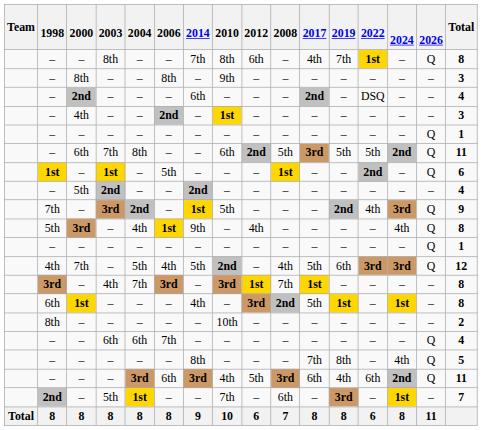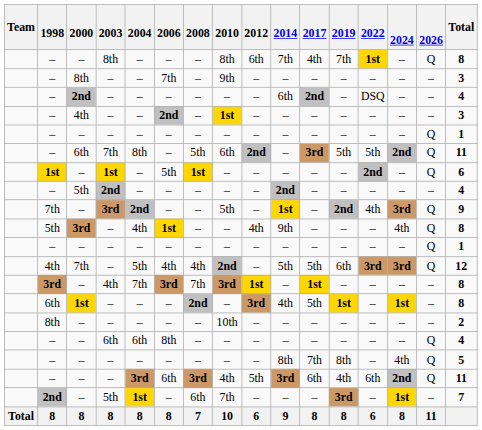 <table class="wikitable" style="text-align:center">
 <tr>
 <th>Team</th>
 <th><br>1998</th>
 <th><br>2000</th>
 <th><br>2003</th>
 <th><br>2004</th>
 <th><br>2006</th>
-<th><br><a href='#'>2014</a></th>
+<th><br>2008</th>
 <th><br>2010</th>
 <th><br>2012</th>
-<th><br>2008</th>
+<th><br><a href='#'>2014</a></th>
 <th><br><a href='#'>2017</a></th>
 <th><br><a href='#'>2019</a></th>
 <th><br><a href='#'>2022</a></th>
 <th><br><br><a href='#'>2024</a></th>
 <th><br><br><a href='#'>2026</a></th>
 <th>Total</th>
 </tr>
 <tr>
 <td align=left></td>
 <td>–</td>
 <td>–</td>
 <td>8th</td>
 <td>–</td>
 <td>–</td>
-<td>7th</td>
+<td>–</td>
 <td>8th</td>
 <td>6th</td>
-<td>–</td>
+<td>7th</td>
 <td>4th</td>
 <td>7th</td>
 <td bgcolor=gold><strong>1st</strong></td>
 <td>–</td>
 <td>Q</td>
 <td><strong>8</strong></td>
 </tr>
 <tr>
 <td align=left></td>
 <td>–</td>
 <td>8th</td>
 <td>–</td>
 <td>–</td>
-<td>8th</td>
+<td>7th</td>
 <td>–</td>
 <td>9th</td>
 <td>–</td>
 <td>–</td>
 <td>–</td>
 <td>–</td>
 <td>–</td>
 <td>–</td>
 <td>–</td>
 <td><strong>3</strong></td>
 </tr>
 <tr>
 <td align=left></td>
 <td>–</td>
 <td bgcolor=silver><strong>2nd</strong></td>
 <td>–</td>
 <td>–</td>
 <td>–</td>
-<td>6th</td>
 <td>–</td>
 <td>–</td>
 <td>–</td>
+<td>6th</td>
 <td bgcolor=silver><strong>2nd</strong></td>
 <td>–</td>
 <td>DSQ</td>
 <td>–</td>
 <td>–</td>
 <td><strong>4</strong></td>
 </tr>
 <tr>
 <td align=left></td>
 <td>–</td>
 <td>4th</td>
 <td>–</td>
 <td>–</td>
 <td bgcolor=silver><strong>2nd</strong></td>
 <td>–</td>
 <td bgcolor=gold><strong>1st</strong></td>
 <td>–</td>
 <td>–</td>
 <td>–</td>
 <td>–</td>
 <td>–</td>
 <td>–</td>
 <td>–</td>
 <td><strong>3</strong></td>
 </tr>
 <tr>
 <td align=left></td>
 <td>–</td>
 <td>–</td>
 <td>–</td>
 <td>–</td>
 <td>–</td>
 <td>–</td>
 <td>–</td>
 <td>–</td>
 <td>–</td>
 <td>–</td>
 <td>–</td>
 <td>–</td>
 <td>–</td>
 <td>Q</td>
 <td><strong>1</strong></td>
 </tr>
 <tr>
 <td align=left></td>
 <td>–</td>
 <td>6th</td>
 <td>7th</td>
 <td>8th</td>
 <td>–</td>
-<td>–</td>
+<td>5th</td>
 <td>6th</td>
 <td bgcolor=silver><strong>2nd</strong></td>
-<td>5th</td>
+<td>–</td>
 <td bgcolor=cc9966><strong>3rd</strong></td>
 <td>5th</td>
 <td>5th</td>
 <td bgcolor=silver><strong>2nd</strong></td>
 <td>Q</td>
 <td><strong>11</strong></td>
 </tr>
 <tr>
 <td align=left></td>
 <td bgcolor=gold><strong>1st</strong></td>
 <td>–</td>
 <td bgcolor=gold><strong>1st</strong></td>
 <td>–</td>
 <td>5th</td>
+<td bgcolor=gold><strong>1st</strong></td>
 <td>–</td>
 <td>–</td>
 <td>–</td>
-<td bgcolor=gold><strong>1st</strong></td>
 <td>–</td>
 <td>–</td>
 <td bgcolor=silver><strong>2nd</strong></td>
 <td>–</td>
 <td>Q</td>
 <td><strong>6</strong></td>
 </tr>
 <tr>
 <td align=left></td>
 <td>–</td>
 <td>5th</td>
 <td bgcolor=silver><strong>2nd</strong></td>
 <td>–</td>
 <td>–</td>
-<td bgcolor=silver><strong>2nd</strong></td>
 <td>–</td>
 <td>–</td>
 <td>–</td>
+<td bgcolor=silver><strong>2nd</strong></td>
 <td>–</td>
 <td>–</td>
 <td>–</td>
 <td>–</td>
 <td>–</td>
 <td><strong>4</strong></td>
 </tr>
 <tr>
 <td align=left></td>
 <td>7th</td>
 <td>–</td>
 <td bgcolor=cc9966><strong>3rd</strong></td>
 <td bgcolor=silver><strong>2nd</strong></td>
 <td>–</td>
-<td bgcolor=gold><strong>1st</strong></td>
+<td>–</td>
 <td>5th</td>
 <td>–</td>
-<td>–</td>
+<td bgcolor=gold><strong>1st</strong></td>
 <td>–</td>
 <td bgcolor=silver><strong>2nd</strong></td>
 <td>4th</td>
 <td bgcolor=cc9966><strong>3rd</strong></td>
 <td>Q</td>
 <td><strong>9</strong></td>
 </tr>
 <tr>
 <td align=left></td>
 <td>5th</td>
 <td bgcolor=cc9966><strong>3rd</strong></td>
 <td>–</td>
 <td>4th</td>
 <td bgcolor=gold><strong>1st</strong></td>
-<td>9th</td>
+<td>–</td>
 <td>–</td>
 <td>4th</td>
-<td>–</td>
+<td>9th</td>
 <td>–</td>
 <td>–</td>
 <td>–</td>
 <td>4th</td>
 <td>Q</td>
 <td><strong>8</strong></td>
 </tr>
 <tr>
 <td align=left></td>
 <td>–</td>
 <td>–</td>
 <td>–</td>
 <td>–</td>
 <td>–</td>
 <td>–</td>
 <td>–</td>
 <td>–</td>
 <td>–</td>
 <td>–</td>
 <td>–</td>
 <td>–</td>
 <td>–</td>
 <td>Q</td>
 <td><strong>1</strong></td>
 </tr>
 <tr>
 <td align=left></td>
 <td>4th</td>
 <td>7th</td>
 <td>–</td>
 <td>5th</td>
 <td>4th</td>
-<td>5th</td>
+<td>4th</td>
 <td bgcolor=silver><strong>2nd</strong></td>
 <td>–</td>
-<td>4th</td>
+<td>5th</td>
 <td>5th</td>
 <td>6th</td>
 <td bgcolor=cc9966><strong>3rd</strong></td>
 <td bgcolor=cc9966><strong>3rd</strong></td>
 <td>Q</td>
 <td><strong>12</strong></td>
 </tr>
 <tr>
 <td align=left></td>
 <td bgcolor=cc9966><strong>3rd</strong></td>
 <td>–</td>
 <td>4th</td>
 <td>7th</td>
 <td bgcolor=cc9966><strong>3rd</strong></td>
-<td>–</td>
+<td>7th</td>
 <td bgcolor=cc9966><strong>3rd</strong></td>
 <td bgcolor=gold><strong>1st</strong></td>
-<td>7th</td>
+<td>–</td>
 <td bgcolor=gold><strong>1st</strong></td>
 <td>–</td>
 <td>–</td>
 <td>–</td>
 <td>–</td>
 <td><strong>8</strong></td>
 </tr>
 <tr>
 <td align=left></td>
 <td>6th</td>
 <td bgcolor=gold><strong>1st</strong></td>
 <td>–</td>
 <td>–</td>
 <td>–</td>
-<td>4th</td>
+<td bgcolor=silver><strong>2nd</strong></td>
 <td>–</td>
 <td bgcolor=cc9966><strong>3rd</strong></td>
-<td bgcolor=silver><strong>2nd</strong></td>
+<td>4th</td>
 <td>5th</td>
 <td bgcolor=gold><strong>1st</strong></td>
 <td>–</td>
 <td bgcolor=gold><strong>1st</strong></td>
 <td>–</td>
 <td><strong>8</strong></td>
 </tr>
 <tr>
 <td align=left></td>
 <td>8th</td>
 <td>–</td>
 <td>–</td>
 <td>–</td>
 <td>–</td>
 <td>–</td>
 <td>10th</td>
 <td>–</td>
 <td>–</td>
 <td>–</td>
 <td>–</td>
 <td>–</td>
 <td>–</td>
 <td>–</td>
 <td><strong>2</strong></td>
 </tr>
 <tr>
 <td align=left></td>
 <td>–</td>
 <td>–</td>
 <td>6th</td>
 <td>6th</td>
-<td>7th</td>
+<td>8th</td>
 <td>–</td>
 <td>–</td>
 <td>–</td>
 <td>–</td>
 <td>–</td>
 <td>–</td>
 <td>–</td>
 <td>–</td>
 <td>Q</td>
 <td><strong>4</strong></td>
 </tr>
 <tr>
 <td align=left></td>
 <td>–</td>
 <td>–</td>
 <td>–</td>
 <td>–</td>
 <td>–</td>
-<td>8th</td>
 <td>–</td>
 <td>–</td>
 <td>–</td>
+<td>8th</td>
 <td>7th</td>
 <td>8th</td>
 <td>–</td>
 <td>4th</td>
 <td>Q</td>
 <td><strong>5</strong></td>
 </tr>
 <tr>
 <td align=left></td>
 <td>–</td>
 <td>–</td>
 <td>–</td>
 <td bgcolor=cc9966><strong>3rd</strong></td>
 <td>6th</td>
 <td bgcolor=cc9966><strong>3rd</strong></td>
 <td>4th</td>
 <td>5th</td>
 <td bgcolor=cc9966><strong>3rd</strong></td>
 <td>6th</td>
 <td>4th</td>
 <td>6th</td>
 <td bgcolor=silver><strong>2nd</strong></td>
 <td>Q</td>
 <td><strong>11</strong></td>
 </tr>
 <tr>
 <td align=left></td>
 <td bgcolor=silver><strong>2nd</strong></td>
 <td>–</td>
 <td>5th</td>
 <td bgcolor=gold><strong>1st</strong></td>
 <td>–</td>
-<td>–</td>
+<td>6th</td>
 <td>7th</td>
 <td>–</td>
-<td>6th</td>
+<td>–</td>
 <td>–</td>
 <td bgcolor=cc9966><strong>3rd</strong></td>
 <td>–</td>
 <td bgcolor=gold><strong>1st</strong></td>
 <td>–</td>
 <td><strong>7</strong></td>
 </tr>
 <tr>
 <th>Total</th>
 <th>8</th>
 <th>8</th>
 <th>8</th>
 <th>8</th>
 <th>8</th>
-<th>9</th>
+<th>7</th>
 <th>10</th>
 <th>6</th>
-<th>7</th>
+<th>9</th>
 <th>8</th>
 <th>8</th>
 <th>6</th>
 <th>8</th>
 <th>11</th>
 <th></th>
 </tr>
 </table>
